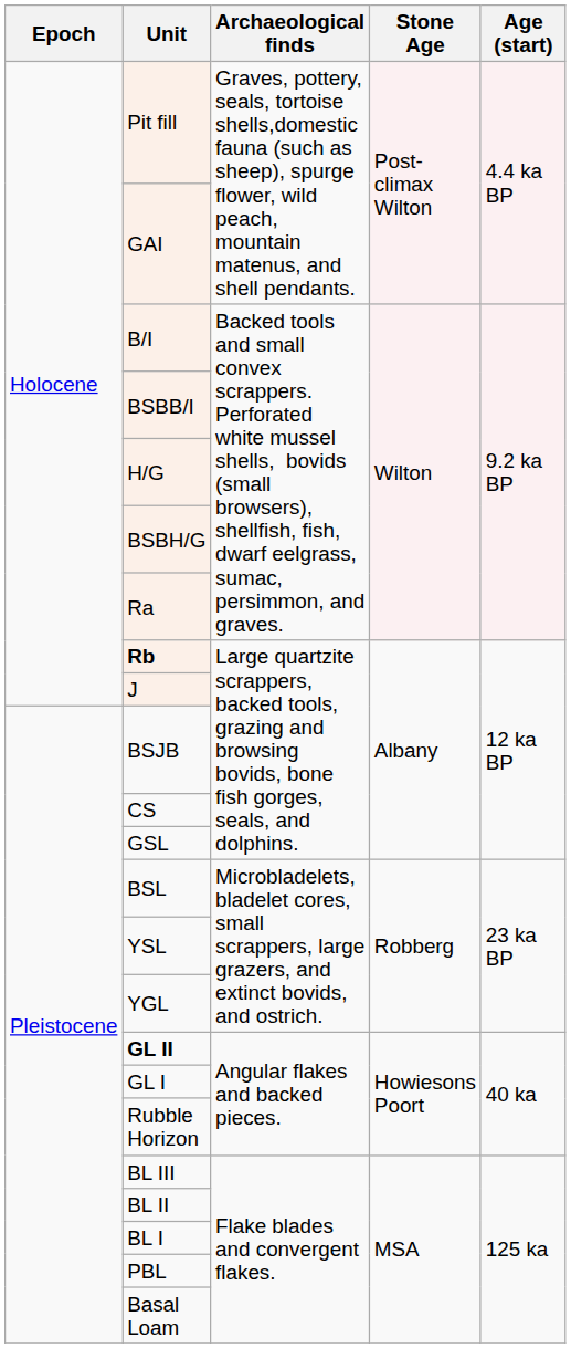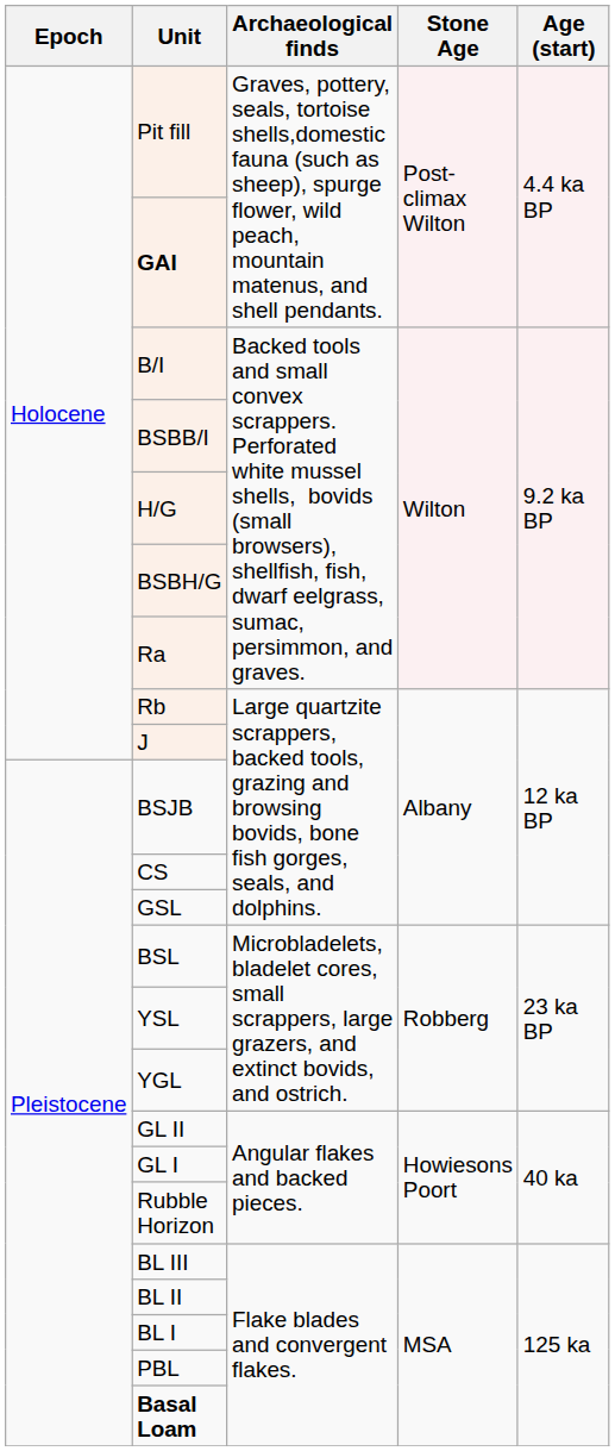 <table class="wikitable mw-collapsible collapsible sticky-header" style="clear:both; margin:0; font-size:95%">
 <tr>
 <th scope="col" style="width: 50px;">Epoch</th>
 <th scope="col" style="width: 50px;">Unit</th>
 <th scope="col" style="width: 90px;">Archaeological finds</th>
 <th scope="col" style="width: 60px;">Stone Age</th>
 <th scope="col" style="width: 55px;">Age (start)</th>
 </tr>
 <tr>
 <td rowspan="9" style="background:"><a href='#'>Holocene</a></td>
 <td style="background:#fcf0e8">Pit fill</td>
 <td rowspan="2">Graves, pottery, seals, tortoise shells,domestic fauna (such as sheep), spurge flower, wild peach, mountain matenus, and shell pendants.</td>
 <td rowspan="2" style="background:#fcf0f2">Post-climax Wilton</td>
 <td rowspan="2" style="background:#fcf0f2">4.4 ka BP</td>
 </tr>
 <tr>
-<td style="background:#fcf0e8">GAI</td>
+<td style="background:#fcf0e8"><strong>GAI</strong></td>
 </tr>
 <tr>
 <td style="background:#fcf0e8">B/I</td>
 <td rowspan="5">Backed tools and small convex scrappers. Perforated white mussel shells,  bovids (small browsers), shellfish, fish, dwarf eelgrass, sumac, persimmon, and graves.</td>
 <td rowspan="5" style="background:#fcf0f2">Wilton</td>
 <td rowspan="5" style="background:#fcf0f2">9.2 ka BP</td>
 </tr>
 <tr>
 <td style="background:#fcf0e8">BSBB/I</td>
 </tr>
 <tr>
 <td style="background:#fcf0e8">H/G</td>
 </tr>
 <tr>
 <td style="background:#fcf0e8">BSBH/G</td>
 </tr>
 <tr>
 <td style="background:#fcf0e8">Ra</td>
 </tr>
 <tr>
-<td style="background:#fcf0e8"><strong>Rb</strong></td>
+<td style="background:#fcf0e8">Rb</td>
 <td rowspan="5">Large quartzite scrappers, backed tools, grazing and browsing bovids, bone fish gorges, seals, and dolphins.</td>
 <td rowspan="5" style="background:">Albany</td>
 <td rowspan="5" style="background:">12 ka BP</td>
 </tr>
 <tr>
 <td style="background:#fcf0e8">J</td>
 </tr>
 <tr>
 <td rowspan="14" style="background:"><a href='#'>Pleistocene</a></td>
 <td style="background:">BSJB</td>
 </tr>
 <tr>
 <td style="background:">CS</td>
 </tr>
 <tr>
 <td style="background:">GSL</td>
 </tr>
 <tr>
 <td style="background:">BSL</td>
 <td rowspan="3">Microbladelets, bladelet cores, small scrappers, large grazers, and extinct bovids, and ostrich.</td>
 <td rowspan="3" style="background:">Robberg</td>
 <td rowspan="3" style="background:">23 ka BP</td>
 </tr>
 <tr>
 <td style="background:">YSL</td>
 </tr>
 <tr>
 <td style="background:">YGL</td>
 </tr>
 <tr>
-<td style="background:"><strong>GL II</strong></td>
+<td style="background:">GL II</td>
 <td rowspan="3">Angular flakes and backed pieces.</td>
 <td rowspan="3" style="background:">Howiesons Poort</td>
 <td rowspan="3" style="background:">40 ka</td>
 </tr>
 <tr>
 <td style="background:">GL I</td>
 </tr>
 <tr>
 <td style="background:">Rubble Horizon</td>
 </tr>
 <tr>
 <td style="background:">BL III</td>
 <td rowspan="5">Flake blades and convergent flakes.</td>
 <td rowspan="5" style="background:">MSA</td>
 <td rowspan="5" style="background:">125 ka</td>
 </tr>
 <tr>
 <td style="background:">BL II</td>
 </tr>
 <tr>
 <td style="background:">BL I</td>
 </tr>
 <tr>
 <td style="background:">PBL</td>
 </tr>
 <tr>
-<td style="background:">Basal Loam</td>
+<td style="background:"><strong>Basal Loam</strong></td>
 </tr>
 </table>
